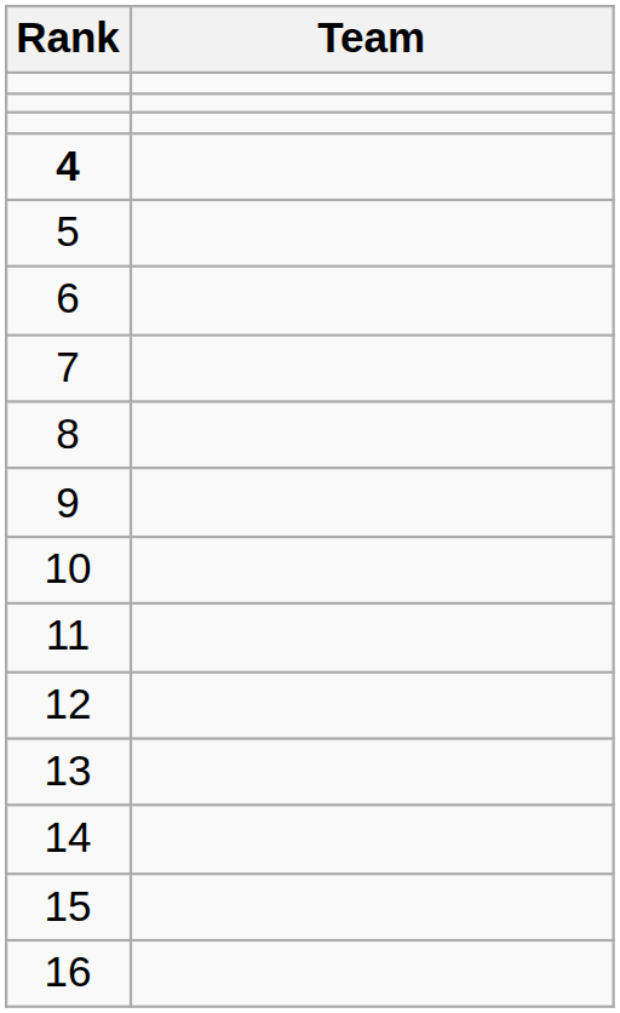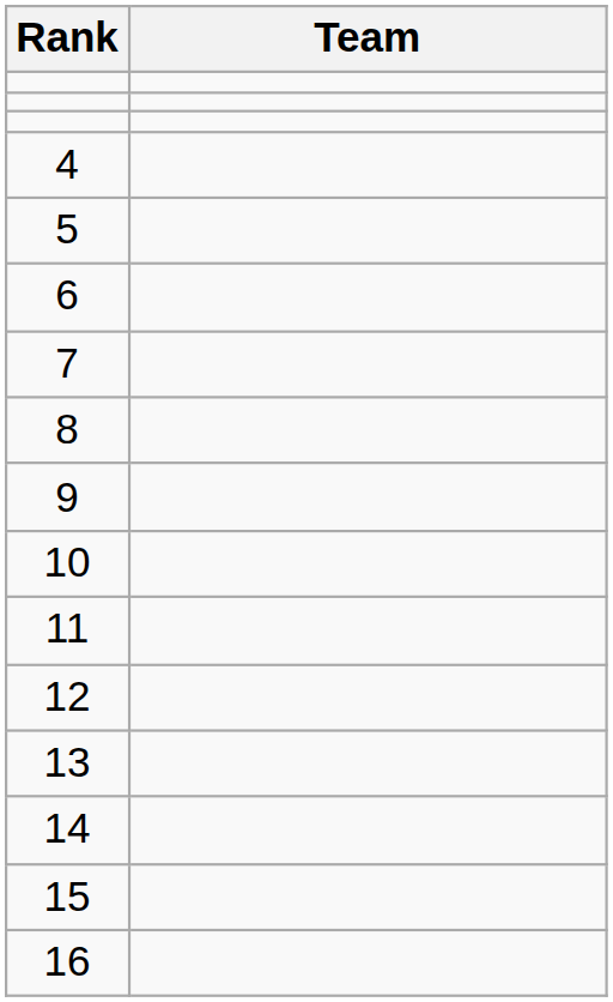 <table class="wikitable" style="text-align:center;">
 <tr>
 <th>Rank</th>
 <th width="175">Team</th>
 </tr>
 <tr>
 <td></td>
 <td align="left"></td>
 </tr>
 <tr>
 <td></td>
 <td align="left"></td>
 </tr>
 <tr>
 <td></td>
 <td align="left"></td>
 </tr>
 <tr>
-<td><strong>4</strong></td>
+<td>4</td>
 <td align="left"></td>
 </tr>
 <tr>
 <td>5</td>
 <td align="left"></td>
 </tr>
 <tr>
 <td>6</td>
 <td align="left"></td>
 </tr>
 <tr>
 <td>7</td>
 <td align="left"></td>
 </tr>
 <tr>
 <td>8</td>
 <td align="left"></td>
 </tr>
 <tr>
 <td>9</td>
 <td align="left"></td>
 </tr>
 <tr>
 <td>10</td>
 <td align="left"></td>
 </tr>
 <tr>
 <td>11</td>
 <td align="left"></td>
 </tr>
 <tr>
 <td>12</td>
 <td align="left"></td>
 </tr>
 <tr>
 <td>13</td>
 <td align="left"></td>
 </tr>
 <tr>
 <td>14</td>
 <td align="left"></td>
 </tr>
 <tr>
 <td>15</td>
 <td align="left"></td>
 </tr>
 <tr>
 <td>16</td>
 <td align="left"></td>
 </tr>
 </table>
